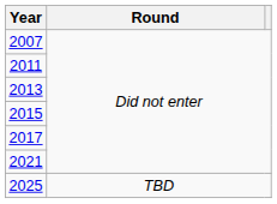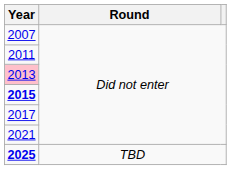 <table class="wikitable" style="text-align: center; font-size:90%">
 <tr>
 <th>Year</th>
 <th style="width:200px">Round</th>
 <th></th>
 </tr>
 <tr>
 <td><a href='#'>2007</a></td>
 <td colspan="2" rowspan="6"><em>Did not enter</em></td>
 </tr>
 <tr>
 <td><a href='#'>2011</a></td>
 </tr>
 <tr>
-<td><a href='#'>2013</a></td>
+<td style="background: pink;"><a href='#'>2013</a></td>
 </tr>
 <tr>
-<td><a href='#'>2015</a></td>
+<td><strong><a href='#'>2015</a></strong></td>
 </tr>
 <tr>
 <td><a href='#'>2017</a></td>
 </tr>
 <tr>
 <td><a href='#'>2021</a></td>
 </tr>
 <tr>
-<td><a href='#'>2025</a></td>
+<td><strong><a href='#'>2025</a></strong></td>
 <td colspan="2"><em>TBD</em></td>
 </tr>
 </table>
